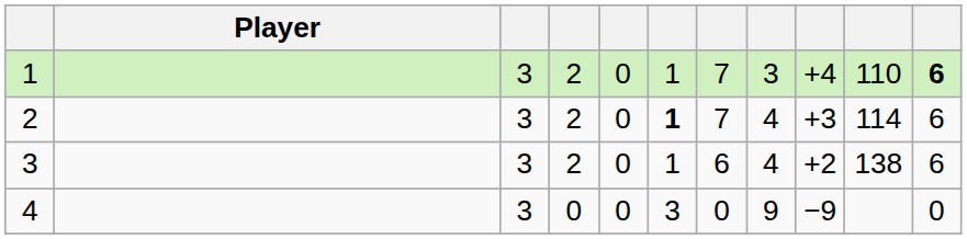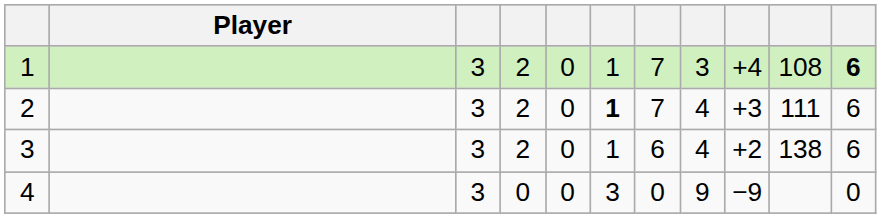 <table class="wikitable" style="text-align:center; margin: 1em auto 1em auto, align:left">
 <tr>
 <th width=20></th>
 <th width=240>Player</th>
 <th width=20></th>
 <th width=20></th>
 <th width=20></th>
 <th width=20></th>
 <th width=20></th>
 <th width=20></th>
 <th width=20></th>
 <th width=30></th>
 <th width=20></th>
 </tr>
 <tr style="background:#D0F0C0;">
 <td>1</td>
 <td align=left></td>
 <td>3</td>
 <td>2</td>
 <td>0</td>
 <td>1</td>
 <td>7</td>
 <td>3</td>
 <td>+4</td>
-<td>110</td>
+<td>108</td>
 <td><strong>6</strong></td>
 </tr>
 <tr style=>
 <td>2</td>
 <td align=left></td>
 <td>3</td>
 <td>2</td>
 <td>0</td>
 <td><strong>1</strong></td>
 <td>7</td>
 <td>4</td>
 <td>+3</td>
-<td>114</td>
+<td>111</td>
 <td>6</td>
 </tr>
 <tr style=>
 <td>3</td>
 <td align=left></td>
 <td>3</td>
 <td>2</td>
 <td>0</td>
 <td>1</td>
 <td>6</td>
 <td>4</td>
 <td>+2</td>
 <td>138</td>
 <td>6</td>
 </tr>
 <tr style=>
 <td>4</td>
 <td align=left></td>
 <td>3</td>
 <td>0</td>
 <td>0</td>
 <td>3</td>
 <td>0</td>
 <td>9</td>
 <td>−9</td>
 <td></td>
 <td>0</td>
 </tr>
 </table>
